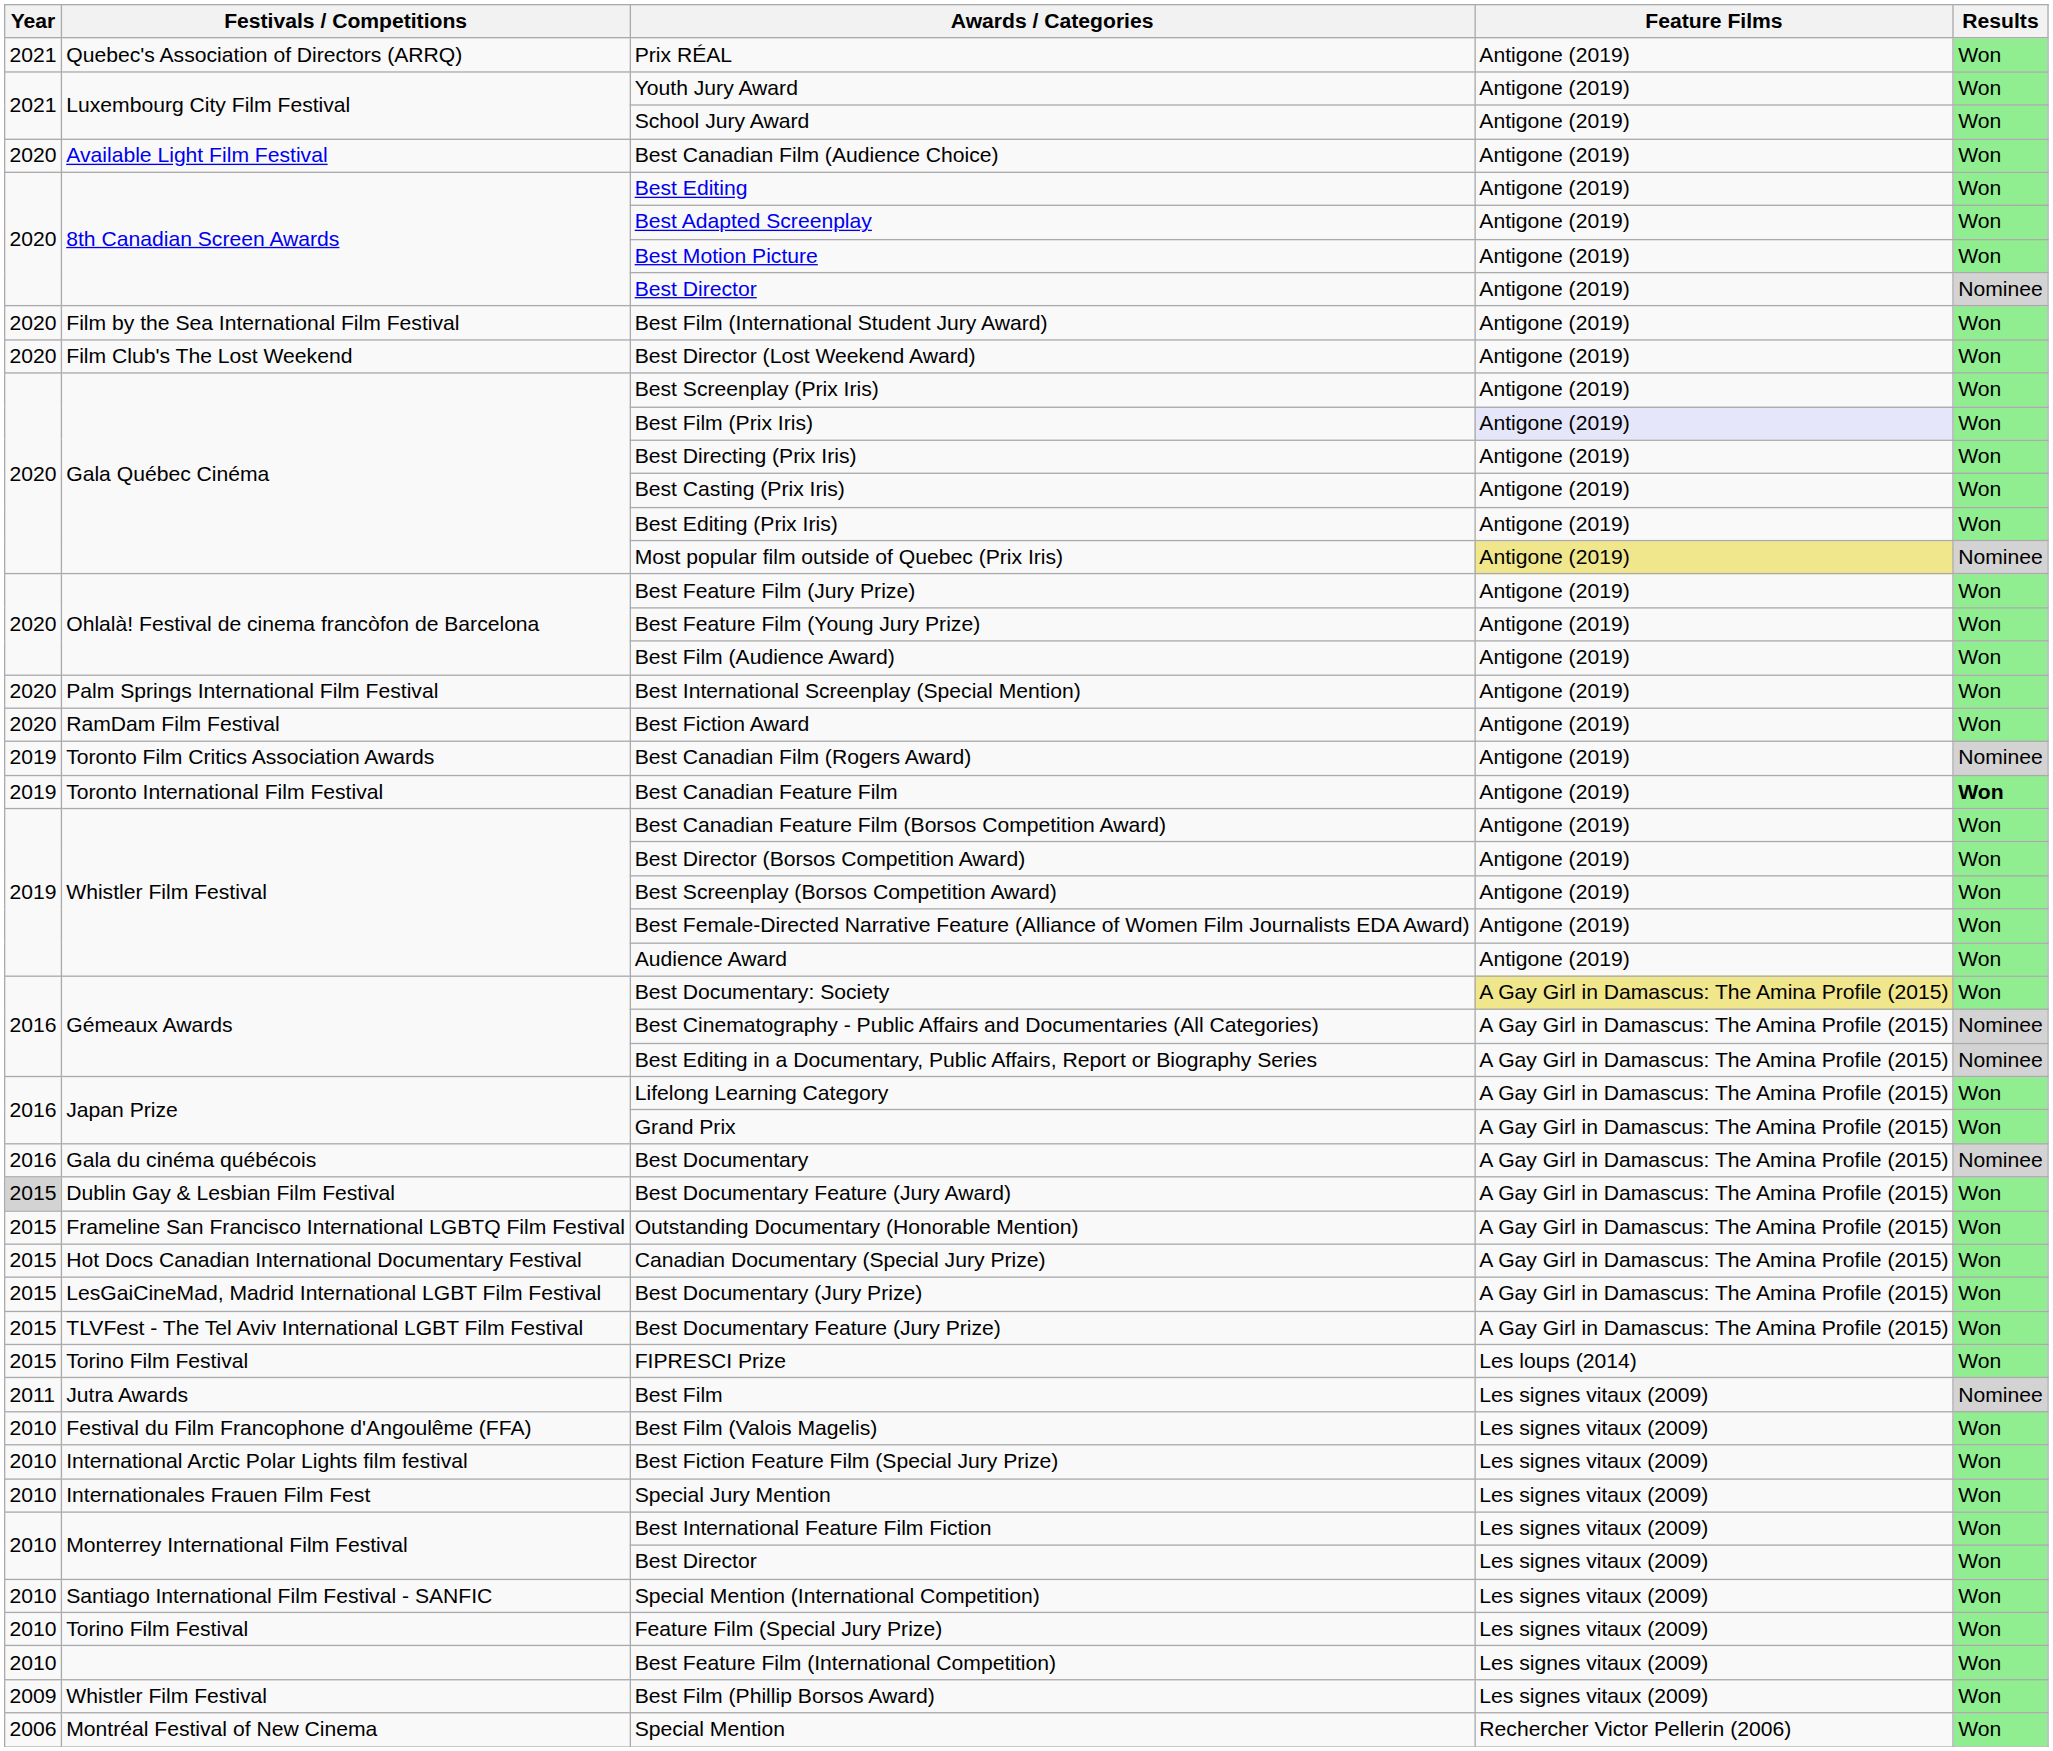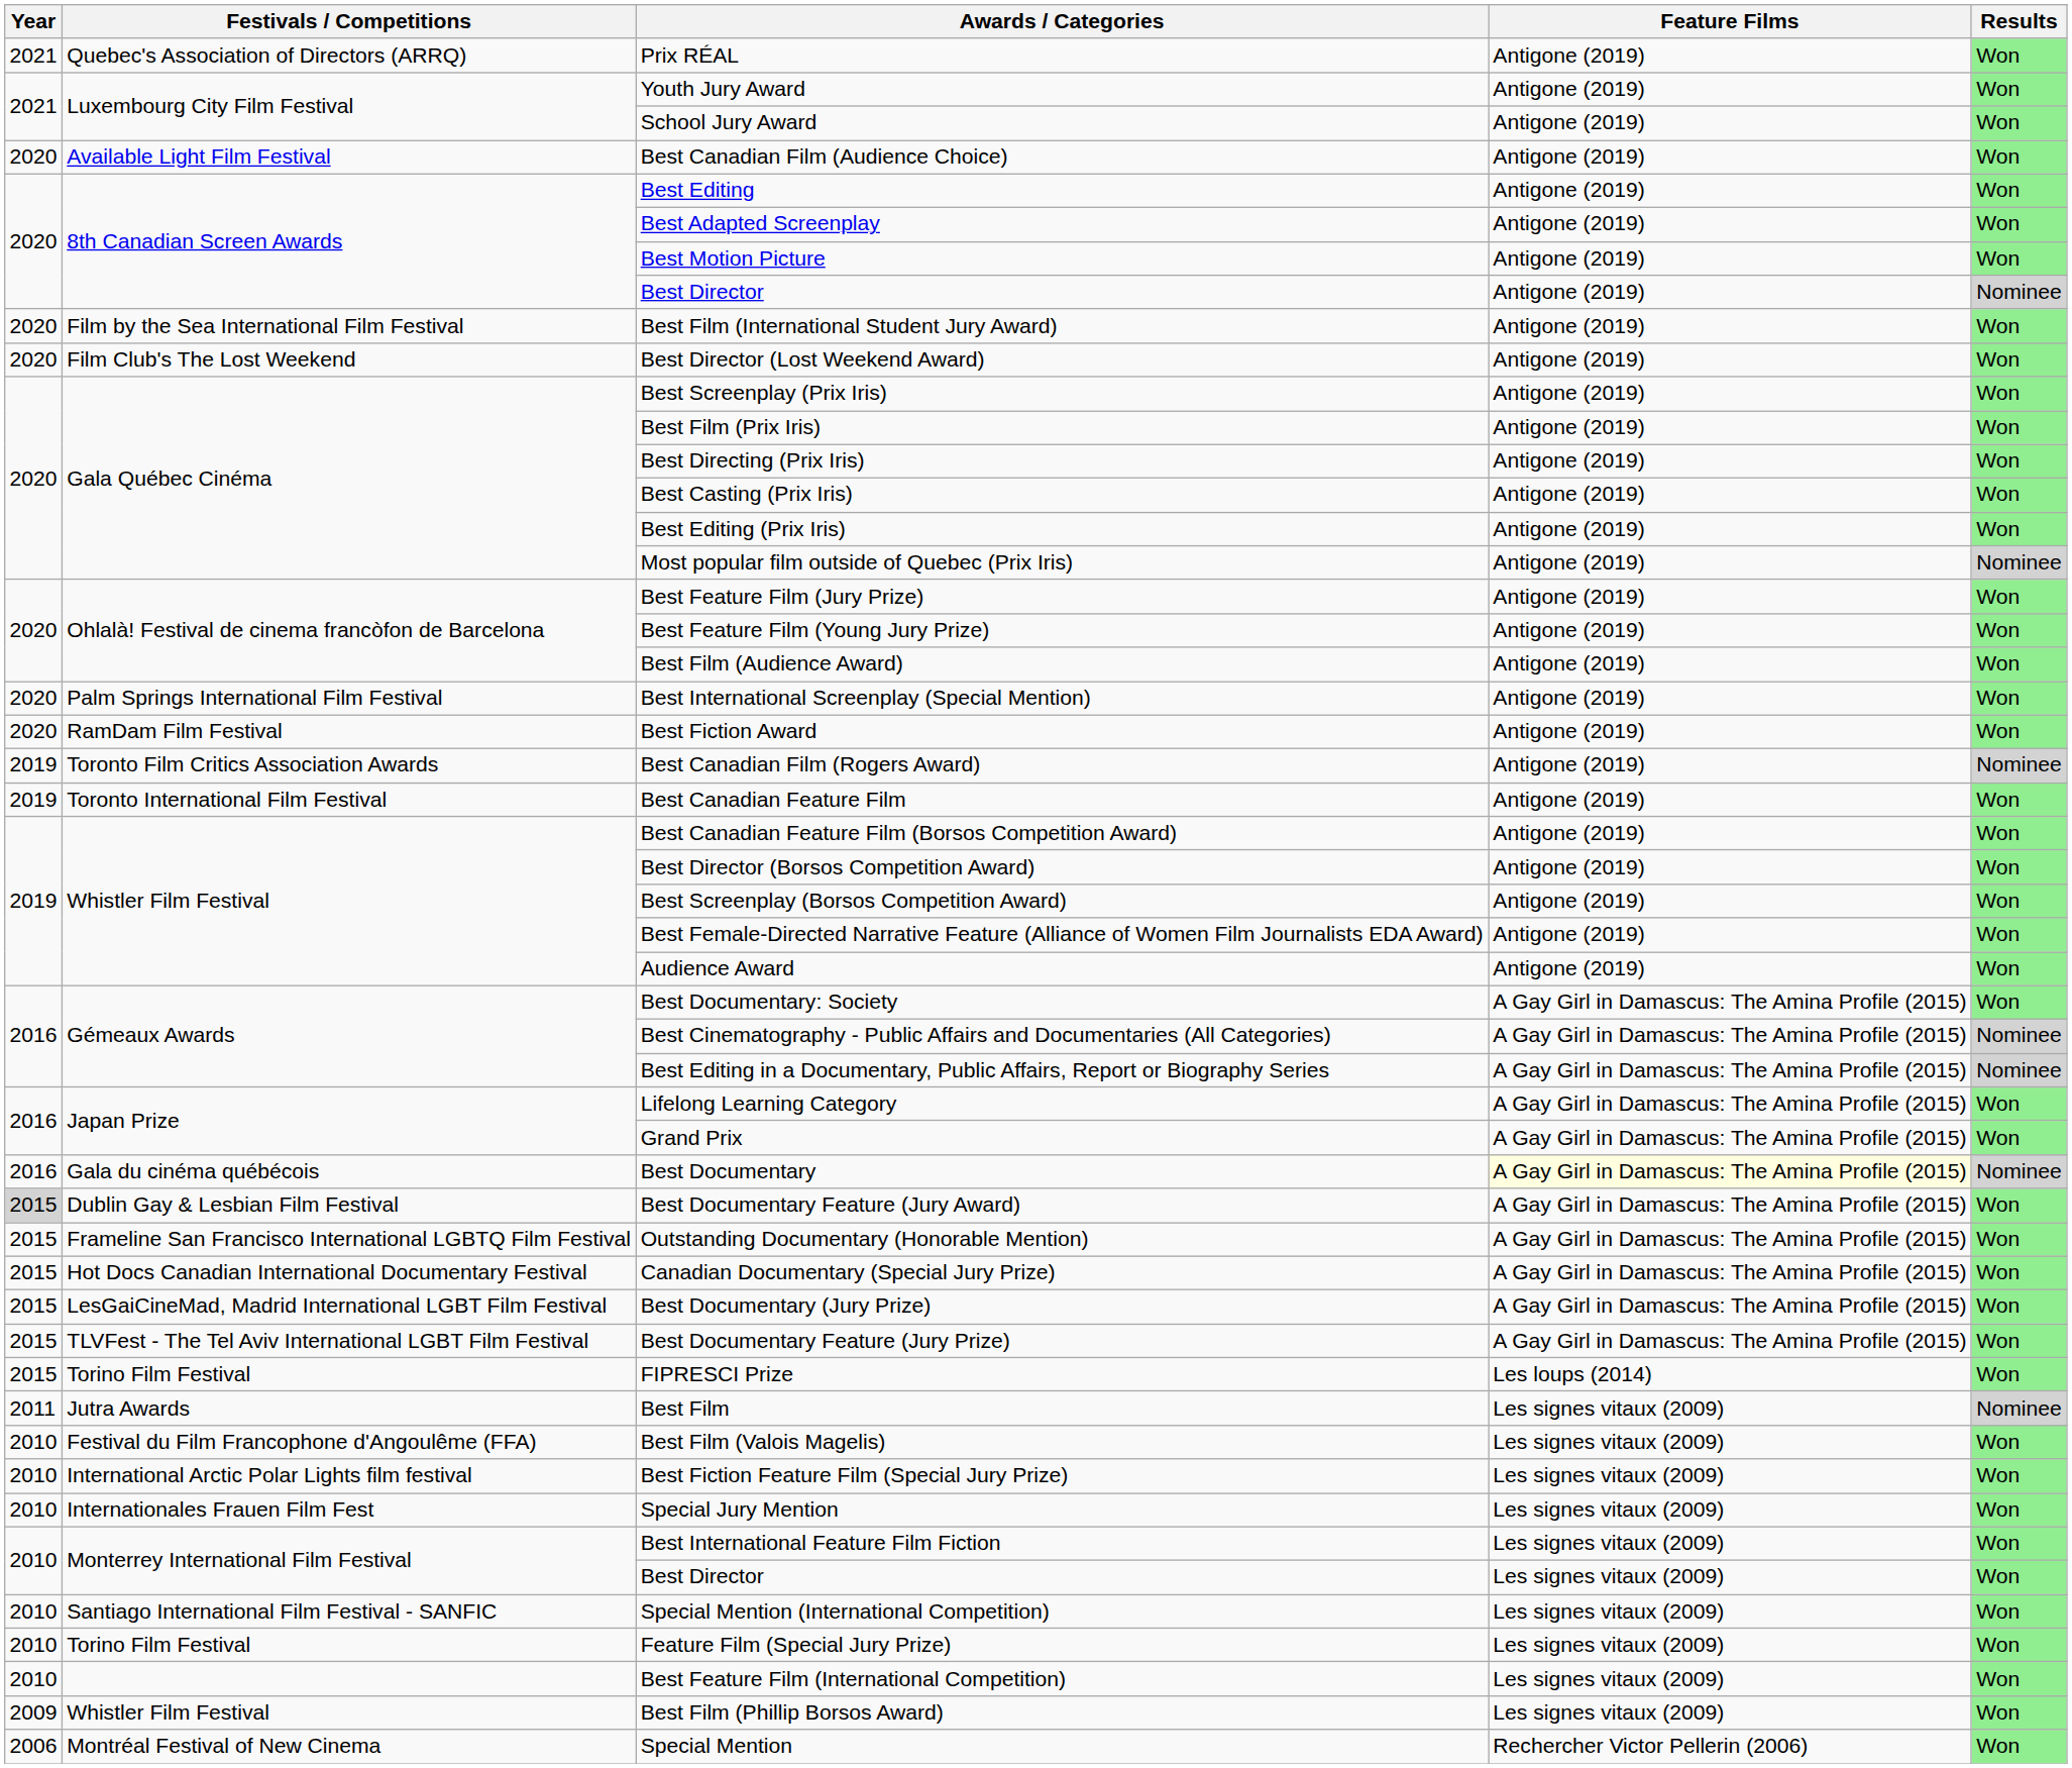 <table class="wikitable">
 <tr>
 <th>Year</th>
 <th>Festivals / Competitions</th>
 <th>Awards / Categories</th>
 <th>Feature Films</th>
 <th>Results</th>
 </tr>
 <tr>
 <td>2021</td>
 <td>Quebec's Association of Directors (ARRQ)</td>
 <td>Prix RÉAL</td>
 <td>Antigone (2019)</td>
 <td style="background:lightgreen">Won</td>
 </tr>
 <tr>
 <td rowspan="2">2021</td>
 <td rowspan="2">Luxembourg City Film Festival</td>
 <td>Youth Jury Award</td>
 <td>Antigone (2019)</td>
 <td style="background:lightgreen">Won</td>
 </tr>
 <tr>
 <td>School Jury Award</td>
 <td>Antigone (2019)</td>
 <td style="background:lightgreen">Won</td>
 </tr>
 <tr>
 <td>2020</td>
 <td><a href='#'>Available Light Film Festival</a></td>
 <td>Best  Canadian Film (Audience Choice)</td>
 <td>Antigone (2019)</td>
 <td style="background:lightgreen">Won</td>
 </tr>
 <tr>
 <td rowspan="4">2020</td>
 <td rowspan="4"><a href='#'>8th Canadian Screen Awards</a></td>
 <td><a href='#'>Best Editing</a></td>
 <td>Antigone (2019)</td>
 <td style="background:lightgreen">Won</td>
 </tr>
 <tr>
 <td><a href='#'>Best Adapted Screenplay</a></td>
 <td>Antigone (2019)</td>
 <td style="background:lightgreen">Won</td>
 </tr>
 <tr>
 <td><a href='#'>Best Motion Picture</a></td>
 <td>Antigone (2019)</td>
 <td style="background:lightgreen">Won</td>
 </tr>
 <tr>
 <td><a href='#'>Best Director</a></td>
 <td>Antigone (2019)</td>
 <td style="background:lightgrey">Nominee</td>
 </tr>
 <tr>
 <td>2020</td>
 <td>Film by the Sea International Film Festival</td>
 <td>Best Film (International Student Jury Award)</td>
 <td>Antigone (2019)</td>
 <td style="background:lightgreen">Won</td>
 </tr>
 <tr>
 <td>2020</td>
 <td>Film Club's The Lost Weekend</td>
 <td>Best Director (Lost Weekend Award)</td>
 <td>Antigone (2019)</td>
 <td style="background:lightgreen">Won</td>
 </tr>
 <tr>
 <td rowspan="6">2020</td>
 <td rowspan="6">Gala Québec Cinéma</td>
 <td>Best Screenplay (Prix Iris)</td>
 <td>Antigone (2019)</td>
 <td style="background:lightgreen">Won</td>
 </tr>
 <tr>
 <td>Best Film (Prix Iris)</td>
-<td style="background: lavender;">Antigone (2019)</td>
+<td>Antigone (2019)</td>
 <td style="background:lightgreen">Won</td>
 </tr>
 <tr>
 <td>Best Directing (Prix Iris)</td>
 <td>Antigone (2019)</td>
 <td style="background:lightgreen">Won</td>
 </tr>
 <tr>
 <td>Best Casting (Prix Iris)</td>
 <td>Antigone (2019)</td>
 <td style="background:lightgreen">Won</td>
 </tr>
 <tr>
 <td>Best Editing (Prix Iris)</td>
 <td>Antigone (2019)</td>
 <td style="background:lightgreen">Won</td>
 </tr>
 <tr>
 <td>Most popular film outside of Quebec (Prix Iris)</td>
-<td style="background: khaki;">Antigone (2019)</td>
+<td>Antigone (2019)</td>
 <td style="background:lightgrey">Nominee</td>
 </tr>
 <tr>
 <td rowspan="3">2020</td>
 <td rowspan="3">Ohlalà! Festival de cinema francòfon de Barcelona</td>
 <td>Best Feature Film (Jury Prize)</td>
 <td>Antigone (2019)</td>
 <td style="background:lightgreen">Won</td>
 </tr>
 <tr>
 <td>Best Feature Film (Young Jury Prize)</td>
 <td>Antigone (2019)</td>
 <td style="background:lightgreen">Won</td>
 </tr>
 <tr>
 <td>Best Film (Audience Award)</td>
 <td>Antigone (2019)</td>
 <td style="background:lightgreen">Won</td>
 </tr>
 <tr>
 <td>2020</td>
 <td>Palm Springs International Film Festival</td>
 <td>Best International Screenplay (Special Mention)</td>
 <td>Antigone (2019)</td>
 <td style="background:lightgreen">Won</td>
 </tr>
 <tr>
 <td>2020</td>
 <td>RamDam Film Festival</td>
 <td>Best Fiction Award</td>
 <td>Antigone (2019)</td>
 <td style="background:lightgreen">Won</td>
 </tr>
 <tr>
 <td>2019</td>
 <td>Toronto Film Critics Association Awards</td>
 <td>Best Canadian Film (Rogers Award)</td>
 <td>Antigone (2019)</td>
 <td style="background:lightgrey">Nominee</td>
 </tr>
 <tr>
 <td>2019</td>
 <td>Toronto International Film Festival</td>
 <td>Best Canadian Feature Film</td>
 <td>Antigone (2019)</td>
-<td style="background:lightgreen"><strong>Won</strong></td>
+<td style="background:lightgreen">Won</td>
 </tr>
 <tr>
 <td rowspan="5">2019</td>
 <td rowspan="5">Whistler Film Festival</td>
 <td>Best Canadian Feature Film (Borsos Competition Award)</td>
 <td>Antigone (2019)</td>
 <td style="background:lightgreen">Won</td>
 </tr>
 <tr>
 <td>Best Director (Borsos Competition Award)</td>
 <td>Antigone (2019)</td>
 <td style="background:lightgreen">Won</td>
 </tr>
 <tr>
 <td>Best Screenplay (Borsos Competition Award)</td>
 <td>Antigone (2019)</td>
 <td style="background:lightgreen">Won</td>
 </tr>
 <tr>
 <td>Best Female-Directed Narrative Feature (Alliance of Women Film Journalists EDA  Award)</td>
 <td>Antigone (2019)</td>
 <td style="background:lightgreen">Won</td>
 </tr>
 <tr>
 <td>Audience Award</td>
 <td>Antigone (2019)</td>
 <td style="background:lightgreen">Won</td>
 </tr>
 <tr>
 <td rowspan="3">2016</td>
 <td rowspan="3">Gémeaux Awards</td>
 <td>Best Documentary: Society</td>
-<td style="background: khaki;">A  Gay Girl in Damascus: The Amina Profile (2015)</td>
+<td>A  Gay Girl in Damascus: The Amina Profile (2015)</td>
 <td style="background:lightgreen">Won</td>
 </tr>
 <tr>
 <td>Best Cinematography - Public Affairs and Documentaries (All Categories)</td>
 <td>A  Gay Girl in Damascus: The Amina Profile (2015)</td>
 <td style="background:lightgrey">Nominee</td>
 </tr>
 <tr>
 <td>Best Editing in a Documentary, Public Affairs, Report or Biography Series</td>
 <td>A  Gay Girl in Damascus: The Amina Profile (2015)</td>
 <td style="background:lightgrey">Nominee</td>
 </tr>
 <tr>
 <td rowspan="2">2016</td>
 <td rowspan="2">Japan Prize</td>
 <td>Lifelong Learning Category</td>
 <td>A  Gay Girl in Damascus: The Amina Profile (2015)</td>
 <td style="background:lightgreen">Won</td>
 </tr>
 <tr>
 <td>Grand Prix</td>
 <td>A  Gay Girl in Damascus: The Amina Profile (2015)</td>
 <td style="background:lightgreen">Won</td>
 </tr>
 <tr>
 <td>2016</td>
 <td>Gala du cinéma québécois</td>
 <td>Best Documentary</td>
-<td>A  Gay Girl in Damascus: The Amina Profile (2015)</td>
+<td style="background: lightyellow;">A  Gay Girl in Damascus: The Amina Profile (2015)</td>
 <td style="background:lightgrey">Nominee</td>
 </tr>
 <tr>
 <td style="background: lightgrey;">2015</td>
 <td>Dublin Gay & Lesbian Film Festival</td>
 <td>Best Documentary Feature (Jury Award)</td>
 <td>A Gay Girl in Damascus: The Amina Profile (2015)</td>
 <td style="background:lightgreen">Won</td>
 </tr>
 <tr>
 <td>2015</td>
 <td>Frameline San Francisco International LGBTQ Film Festival</td>
 <td>Outstanding Documentary (Honorable Mention)</td>
 <td>A Gay Girl in Damascus: The Amina Profile (2015)</td>
 <td style="background:lightgreen">Won</td>
 </tr>
 <tr>
 <td>2015</td>
 <td>Hot Docs Canadian International Documentary Festival</td>
 <td>Canadian Documentary (Special Jury Prize)</td>
 <td>A Gay Girl in Damascus: The Amina Profile (2015)</td>
 <td style="background:lightgreen">Won</td>
 </tr>
 <tr>
 <td>2015</td>
 <td>LesGaiCineMad, Madrid International LGBT Film Festival</td>
 <td>Best Documentary (Jury Prize)</td>
 <td>A Gay Girl in Damascus: The Amina Profile (2015)</td>
 <td style="background:lightgreen">Won</td>
 </tr>
 <tr>
 <td>2015</td>
 <td>TLVFest  - The Tel Aviv International LGBT Film Festival</td>
 <td>Best Documentary Feature (Jury Prize)</td>
 <td>A  Gay Girl in Damascus: The Amina Profile (2015)</td>
 <td style="background:lightgreen">Won</td>
 </tr>
 <tr>
 <td>2015</td>
 <td>Torino Film Festival</td>
 <td>FIPRESCI  Prize</td>
 <td>Les  loups (2014)</td>
 <td style="background:lightgreen">Won</td>
 </tr>
 <tr>
 <td>2011</td>
 <td>Jutra Awards</td>
 <td>Best Film</td>
 <td>Les signes vitaux (2009)</td>
 <td style="background:lightgrey">Nominee</td>
 </tr>
 <tr>
 <td>2010</td>
 <td>Festival du Film Francophone  d'Angoulême (FFA)</td>
 <td>Best Film (Valois Magelis)</td>
 <td>Les signes vitaux (2009)</td>
 <td style="background:lightgreen">Won</td>
 </tr>
 <tr>
 <td>2010</td>
 <td>International Arctic Polar Lights film festival</td>
 <td>Best Fiction Feature Film (Special Jury Prize)</td>
 <td>Les signes vitaux (2009)</td>
 <td style="background:lightgreen">Won</td>
 </tr>
 <tr>
 <td>2010</td>
 <td>Internationales Frauen Film Fest</td>
 <td>Special Jury Mention</td>
 <td>Les signes vitaux (2009)</td>
 <td style="background:lightgreen">Won</td>
 </tr>
 <tr>
 <td rowspan="2">2010</td>
 <td rowspan="2">Monterrey International Film Festival</td>
 <td>Best International Feature Film Fiction</td>
 <td>Les signes vitaux (2009)</td>
 <td style="background:lightgreen">Won</td>
 </tr>
 <tr>
 <td>Best Director</td>
 <td>Les signes vitaux (2009)</td>
 <td style="background:lightgreen">Won</td>
 </tr>
 <tr>
 <td>2010</td>
 <td>Santiago International Film Festival - SANFIC</td>
 <td>Special Mention (International Competition)</td>
 <td>Les signes vitaux (2009)</td>
 <td style="background:lightgreen">Won</td>
 </tr>
 <tr>
 <td>2010</td>
 <td>Torino Film Festival</td>
 <td>Feature Film (Special Jury Prize)</td>
 <td>Les signes vitaux (2009)</td>
 <td style="background:lightgreen">Won</td>
 </tr>
 <tr>
 <td>2010</td>
 <td></td>
 <td>Best Feature Film (International Competition)</td>
 <td>Les signes vitaux (2009)</td>
 <td style="background:lightgreen">Won</td>
 </tr>
 <tr>
 <td>2009</td>
 <td>Whistler Film Festival</td>
 <td>Best Film (Phillip Borsos Award)</td>
 <td>Les signes vitaux (2009)</td>
 <td style="background:lightgreen">Won</td>
 </tr>
 <tr>
 <td>2006</td>
 <td>Montréal Festival of New Cinema</td>
 <td>Special  Mention</td>
 <td>Rechercher Victor Pellerin (2006)</td>
 <td style="background:lightgreen">Won</td>
 </tr>
 </table>
